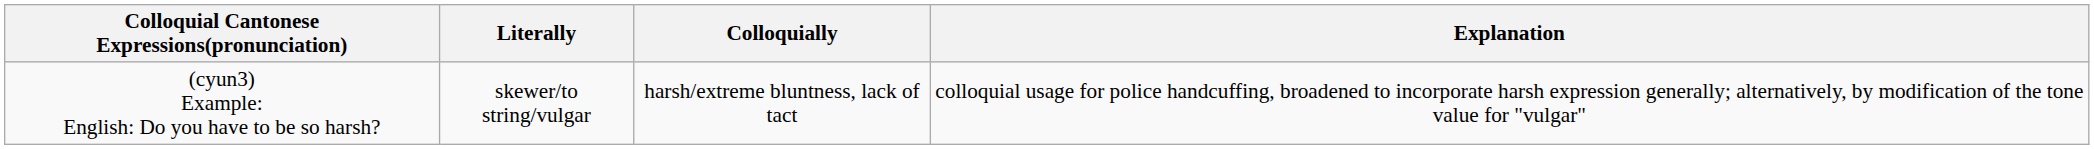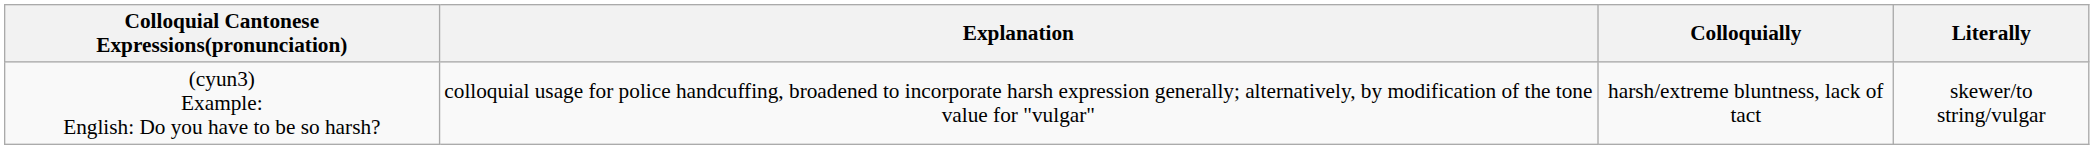 <table class="wikitable" style=text-align:center>
 <tr>
 <th>Colloquial Cantonese Expressions(pronunciation)</th>
+<th>Explanation</th>
+<th>Colloquially</th>
 <th>Literally</th>
-<th>Colloquially</th>
-<th>Explanation</th>
 </tr>
 <tr>
 <td> (cyun3)<br>Example: <br>English: Do you have to be so harsh?</td>
+<td>colloquial usage for police handcuffing, broadened to incorporate harsh expression generally; alternatively, by modification of the tone value for "vulgar"</td>
+<td>harsh/extreme bluntness, lack of tact</td>
 <td>skewer/to string/vulgar</td>
-<td>harsh/extreme bluntness, lack of tact</td>
-<td>colloquial usage for police handcuffing, broadened to incorporate harsh expression generally; alternatively, by modification of the tone value for "vulgar"</td>
 </tr>
 </table>
